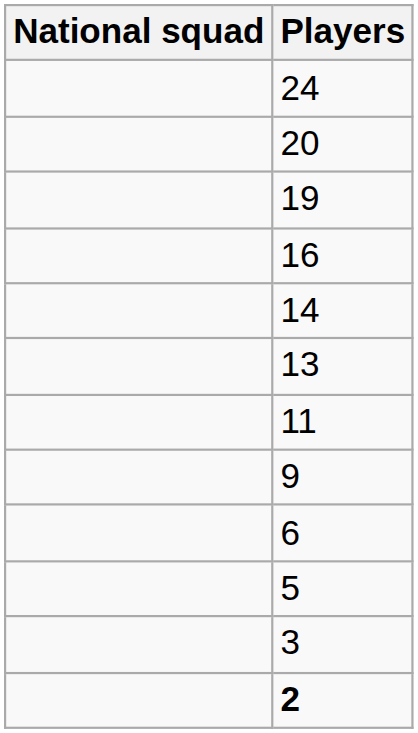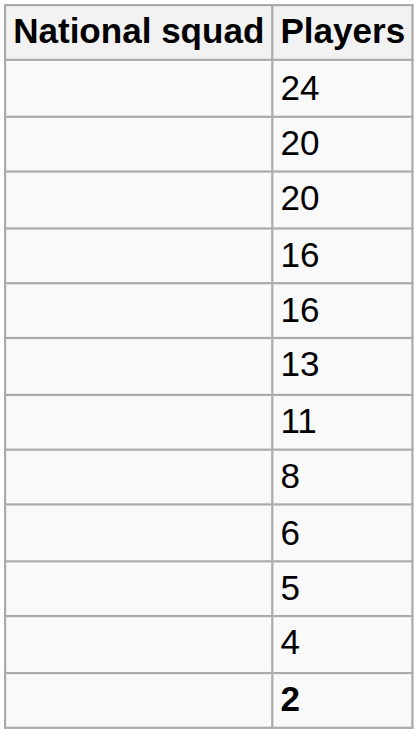 <table class="wikitable sortable">
 <tr>
 <th>National squad</th>
 <th>Players</th>
 </tr>
 <tr>
 <td></td>
 <td>24</td>
 </tr>
 <tr>
 <td></td>
 <td>20</td>
 </tr>
 <tr>
 <td></td>
-<td>19</td>
+<td>20</td>
 </tr>
 <tr>
 <td></td>
 <td>16</td>
 </tr>
 <tr>
 <td></td>
-<td>14</td>
+<td>16</td>
 </tr>
 <tr>
 <td></td>
 <td>13</td>
 </tr>
 <tr>
 <td></td>
 <td>11</td>
 </tr>
 <tr>
 <td></td>
-<td>9</td>
+<td>8</td>
 </tr>
 <tr>
 <td></td>
 <td>6</td>
 </tr>
 <tr>
 <td></td>
 <td>5</td>
 </tr>
 <tr>
 <td></td>
-<td>3</td>
+<td>4</td>
 </tr>
 <tr>
 <td></td>
 <td><strong>2</strong></td>
 </tr>
 </table>
